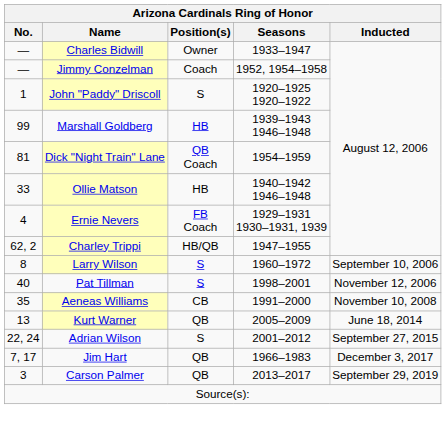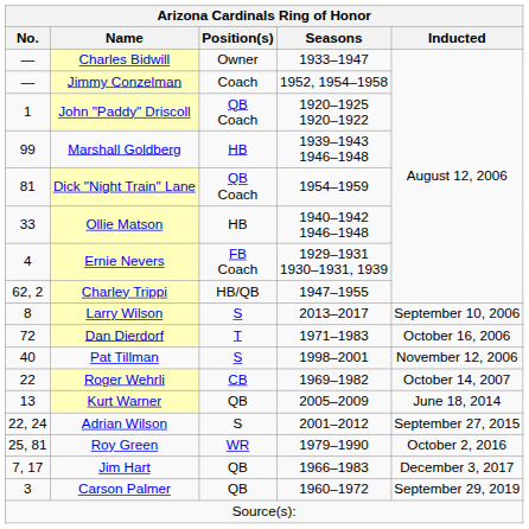 <table class="wikitable" style="text-align:center">
 <tr>
 <th colspan="5">Arizona Cardinals Ring of Honor</th>
 </tr>
 <tr>
 <th>No.</th>
 <th>Name</th>
 <th>Position(s)</th>
 <th>Seasons</th>
 <th>Inducted</th>
 </tr>
 <tr>
 <td>—</td>
 <td style="background:#ffb"><a href='#'>Charles Bidwill</a></td>
 <td>Owner</td>
 <td>1933–1947</td>
 <td rowspan=8>August 12, 2006</td>
 </tr>
 <tr>
 <td>—</td>
 <td style="background:#ffb"><a href='#'>Jimmy Conzelman</a></td>
 <td>Coach</td>
 <td>1952, 1954–1958</td>
 </tr>
 <tr>
 <td>1</td>
 <td style="background:#ffb"><a href='#'>John "Paddy" Driscoll</a></td>
-<td>S</td>
+<td><a href='#'>QB</a><br>Coach</td>
 <td>1920–1925<br>1920–1922</td>
 </tr>
 <tr>
 <td>99</td>
 <td><a href='#'>Marshall Goldberg</a></td>
 <td><a href='#'>HB</a></td>
 <td>1939–1943<br>1946–1948</td>
 </tr>
 <tr>
 <td>81</td>
 <td style="background:#ffb"><a href='#'>Dick "Night Train" Lane</a></td>
 <td><a href='#'>QB</a><br>Coach</td>
 <td>1954–1959</td>
 </tr>
 <tr>
 <td>33</td>
 <td style="background:#ffb"><a href='#'>Ollie Matson</a></td>
 <td>HB</td>
 <td>1940–1942<br>1946–1948</td>
 </tr>
 <tr>
 <td>4</td>
 <td style="background:#ffb"><a href='#'>Ernie Nevers</a></td>
 <td><a href='#'>FB</a><br>Coach</td>
 <td>1929–1931<br>1930–1931, 1939</td>
 </tr>
 <tr>
 <td>62, 2</td>
 <td style="background:#ffb"><a href='#'>Charley Trippi</a></td>
 <td>HB/QB</td>
 <td>1947–1955</td>
 </tr>
 <tr>
 <td>8</td>
 <td style="background:#ffb"><a href='#'>Larry Wilson</a></td>
 <td><a href='#'>S</a></td>
-<td>1960–1972</td>
+<td>2013–2017</td>
 <td>September 10, 2006</td>
+</tr>
+<tr>
+<td>72</td>
+<td style="background:#ffb"><a href='#'>Dan Dierdorf</a></td>
+<td><a href='#'>T</a></td>
+<td>1971–1983</td>
+<td>October 16, 2006</td>
 </tr>
 <tr>
 <td>40</td>
 <td><a href='#'>Pat Tillman</a></td>
 <td><a href='#'>S</a></td>
 <td>1998–2001</td>
 <td>November 12, 2006</td>
 </tr>
 <tr>
-<td>35</td>
-<td style="background:#ffb"><a href='#'>Aeneas Williams</a></td>
-<td>CB</td>
-<td>1991–2000</td>
-<td>November 10, 2008</td>
+<td>22</td>
+<td style="background:#ffb"><a href='#'>Roger Wehrli</a></td>
+<td><a href='#'>CB</a></td>
+<td>1969–1982</td>
+<td>October 14, 2007</td>
 </tr>
 <tr>
 <td>13</td>
 <td style="background:#ffb"><a href='#'>Kurt Warner</a></td>
 <td>QB</td>
 <td>2005–2009</td>
 <td>June 18, 2014</td>
 </tr>
 <tr>
 <td>22, 24</td>
 <td><a href='#'>Adrian Wilson</a></td>
 <td>S</td>
 <td>2001–2012</td>
 <td>September 27, 2015</td>
 </tr>
 <tr>
+<td>25, 81</td>
+<td><a href='#'>Roy Green</a></td>
+<td><a href='#'>WR</a></td>
+<td>1979–1990</td>
+<td>October 2, 2016</td>
+</tr>
+<tr>
 <td>7, 17</td>
 <td><a href='#'>Jim Hart</a></td>
 <td>QB</td>
 <td>1966–1983</td>
 <td>December 3, 2017</td>
 </tr>
 <tr>
 <td>3</td>
 <td><a href='#'>Carson Palmer</a></td>
 <td>QB</td>
-<td>2013–2017</td>
+<td>1960–1972</td>
 <td>September 29, 2019</td>
 </tr>
 <tr>
 <td colspan=5>Source(s):</td>
 </tr>
 </table>
